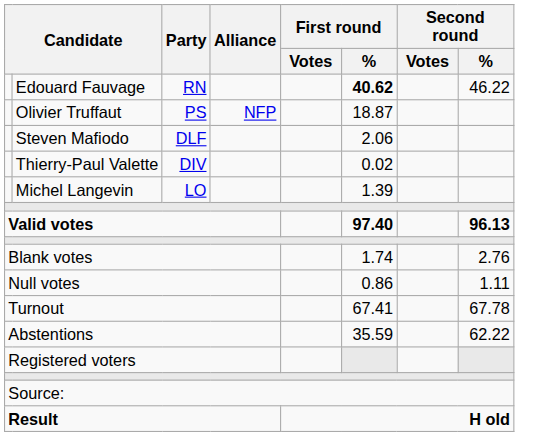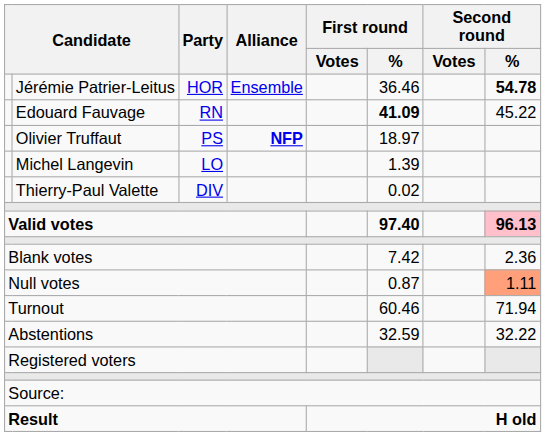 <table class="wikitable" style="text-align:right;font-size:95%;">
 <tr>
 <th colspan="2" rowspan="2">Candidate</th>
 <th colspan="1" rowspan="2">Party</th>
 <th colspan="1" rowspan="2">Alliance</th>
 <th colspan="2">First round</th>
 <th colspan="2">Second round</th>
 </tr>
 <tr>
 <th style="width:50px;">Votes</th>
 <th style="width:45px;">%</th>
 <th style="width:50px;">Votes</th>
 <th style="width:45px;">%</th>
 </tr>
 <tr>
 <td style="color:inherit;background:"></td>
+<td style="text-align:left;">Jérémie Patrier-Leitus</td>
+<td><a href='#'>HOR</a></td>
+<td><a href='#'>Ensemble</a></td>
+<td></td>
+<td>36.46</td>
+<td><strong></strong></td>
+<td><strong>54.78</strong></td>
+</tr>
+<tr>
+<td style="color:inherit;background:"></td>
 <td style="text-align:left;">Edouard Fauvage</td>
 <td><a href='#'>RN</a></td>
 <td></td>
 <td><strong></strong></td>
-<td><strong>40.62</strong></td>
+<td><strong>41.09</strong></td>
 <td></td>
-<td>46.22</td>
+<td>45.22</td>
 </tr>
 <tr>
 <td style="color:inherit;background:"></td>
 <td style="text-align:left;">Olivier Truffaut</td>
 <td><a href='#'>PS</a></td>
-<td><a href='#'>NFP</a></td>
+<td><strong><a href='#'>NFP</a></strong></td>
 <td></td>
-<td>18.87</td>
+<td>18.97</td>
 <td></td>
 <td></td>
 </tr>
 <tr>
 <td style="color:inherit;background:"></td>
-<td style="text-align:left;">Steven Mafiodo</td>
-<td><a href='#'>DLF</a></td>
+<td style="text-align:left;">Michel Langevin</td>
+<td><a href='#'>LO</a></td>
 <td></td>
 <td></td>
-<td>2.06</td>
+<td>1.39</td>
 <td></td>
 <td></td>
 </tr>
 <tr>
 <td style="color:inherit;background:"></td>
 <td style="text-align:left;">Thierry-Paul Valette</td>
 <td><a href='#'>DIV</a></td>
 <td></td>
 <td></td>
 <td>0.02</td>
 <td></td>
 <td></td>
 </tr>
 <tr>
-<td style="color:inherit;background:"></td>
-<td style="text-align:left;">Michel Langevin</td>
-<td><a href='#'>LO</a></td>
-<td></td>
-<td></td>
-<td>1.39</td>
-<td></td>
-<td></td>
-</tr>
-<tr>
 <td colspan="8" style="background:#E9E9E9;"></td>
 </tr>
 <tr style="font-weight:bold;">
 <td colspan="4" style="text-align:left;">Valid votes</td>
 <td></td>
 <td>97.40</td>
 <td></td>
-<td>96.13</td>
+<td style="background: pink;">96.13</td>
 </tr>
 <tr>
 <td colspan="8" style="background:#E9E9E9;"></td>
 </tr>
 <tr>
 <td colspan="4" style="text-align:left;">Blank votes</td>
 <td></td>
-<td>1.74</td>
+<td>7.42</td>
 <td></td>
-<td>2.76</td>
+<td>2.36</td>
 </tr>
 <tr>
 <td colspan="4" style="text-align:left;">Null votes</td>
 <td></td>
-<td>0.86</td>
+<td>0.87</td>
 <td></td>
-<td>1.11</td>
+<td style="background: lightsalmon;">1.11</td>
 </tr>
 <tr>
 <td colspan="4" style="text-align:left;">Turnout</td>
 <td></td>
-<td>67.41</td>
+<td>60.46</td>
 <td></td>
-<td>67.78</td>
+<td>71.94</td>
 </tr>
 <tr>
 <td colspan="4" style="text-align:left;">Abstentions</td>
 <td></td>
-<td>35.59</td>
+<td>32.59</td>
 <td></td>
-<td>62.22</td>
+<td>32.22</td>
 </tr>
 <tr>
 <td colspan="4" style="text-align:left;">Registered voters</td>
 <td></td>
 <td style="color:inherit;background:#E9E9E9;"></td>
 <td></td>
 <td style="color:inherit;background:#E9E9E9;"></td>
 </tr>
 <tr>
 <td colspan="8" style="background:#E9E9E9;"></td>
 </tr>
 <tr>
 <td colspan="8" style="text-align:left;">Source: </td>
 </tr>
 <tr style="font-weight:bold">
 <td colspan="4" style="text-align:left;">Result</td>
 <td colspan="4" style="background-color:">H old</td>
 </tr>
 </table>
